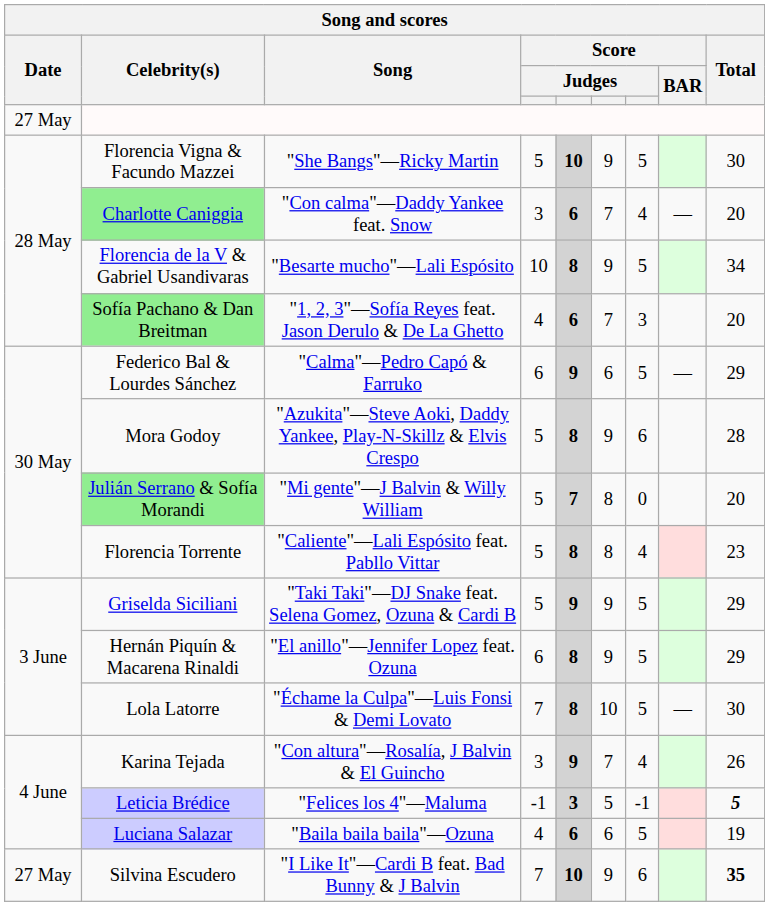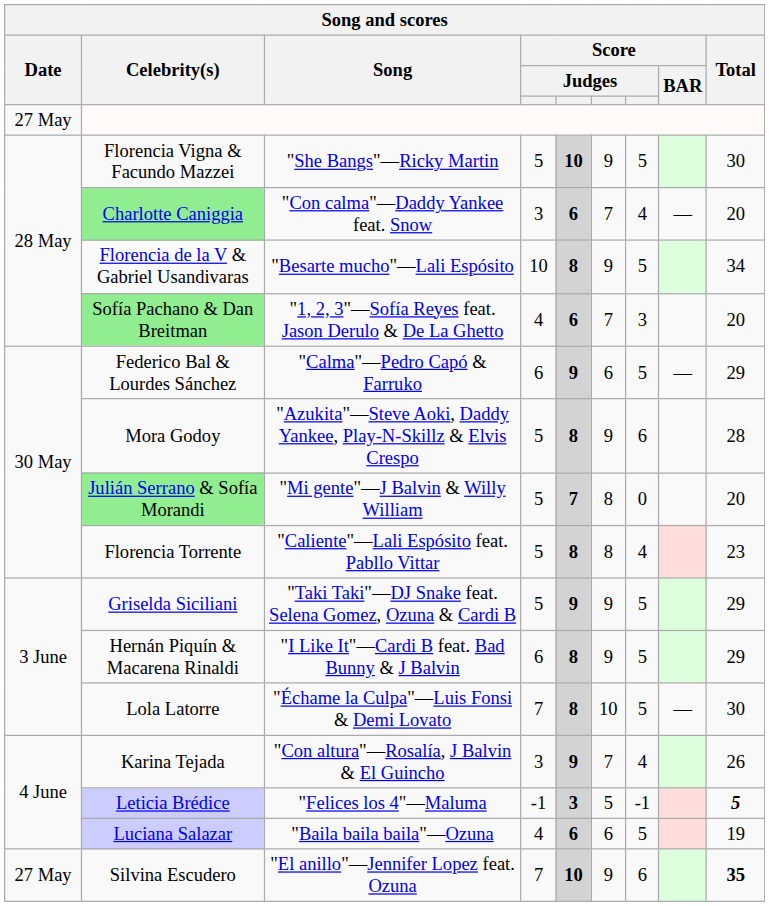 <table class="wikitable collapsible collapsed" style="font-size:95%; text-align: center; width: 100%;">
 <tr>
 <th colspan="11" style="with: 100%;" align=center>Song and scores</th>
 </tr>
 <tr>
 <th rowspan="3" width=90>Date</th>
 <th rowspan="3" width=230>Celebrity(s)</th>
 <th rowspan="3" width=370>Song</th>
 <th colspan="5">Score</th>
 <th rowspan="3" width=50>Total</th>
 </tr>
 <tr>
 <th colspan="4">Judges</th>
 <th rowspan="2" width=30>BAR<br></th>
 </tr>
 <tr>
 <th width=30></th>
 <th width=30></th>
 <th width=30></th>
 <th width=30></th>
 </tr>
 <tr>
 <td rowspan="1">27 May</td>
 <td colspan="10" bgcolor="#FFFAFA"></td>
 </tr>
 <tr>
 <td rowspan="4">28 May</td>
 <td bgcolor="">Florencia Vigna & Facundo Mazzei</td>
 <td>"<a href='#'>She Bangs</a>"—<a href='#'>Ricky Martin</a></td>
 <td>5</td>
 <td bgcolor="lightgrey"><strong>10</strong></td>
 <td>9</td>
 <td>5</td>
 <td bgcolor="#ddffdd"></td>
 <td>30</td>
 </tr>
 <tr>
 <td bgcolor="lightgreen"><a href='#'>Charlotte Caniggia</a></td>
 <td>"<a href='#'>Con calma</a>"—<a href='#'>Daddy Yankee</a> feat. <a href='#'>Snow</a></td>
 <td>3</td>
 <td bgcolor="lightgrey"><strong>6</strong></td>
 <td>7</td>
 <td>4</td>
 <td>—</td>
 <td>20</td>
 </tr>
 <tr>
 <td bgcolor=""><a href='#'>Florencia de la V</a> & Gabriel Usandivaras</td>
 <td>"<a href='#'>Besarte mucho</a>"—<a href='#'>Lali Espósito</a></td>
 <td>10</td>
 <td bgcolor="lightgrey"><strong>8</strong></td>
 <td>9</td>
 <td>5</td>
 <td bgcolor="#ddffdd"></td>
 <td>34</td>
 </tr>
 <tr>
 <td bgcolor="lightgreen">Sofía Pachano & Dan Breitman</td>
 <td>"<a href='#'>1, 2, 3</a>"—<a href='#'>Sofía Reyes</a> feat. <a href='#'>Jason Derulo</a> & <a href='#'>De La Ghetto</a></td>
 <td>4</td>
 <td bgcolor="lightgrey"><strong>6</strong></td>
 <td>7</td>
 <td>3</td>
 <td></td>
 <td>20</td>
 </tr>
 <tr>
 <td rowspan="4">30 May</td>
 <td bgcolor="">Federico Bal & Lourdes Sánchez</td>
 <td>"<a href='#'>Calma</a>"—<a href='#'>Pedro Capó</a> & <a href='#'>Farruko</a></td>
 <td>6</td>
 <td bgcolor="lightgrey"><strong>9</strong></td>
 <td>6</td>
 <td>5</td>
 <td>—</td>
 <td>29</td>
 </tr>
 <tr>
 <td bgcolor="">Mora Godoy</td>
 <td>"<a href='#'>Azukita</a>"—<a href='#'>Steve Aoki</a>, <a href='#'>Daddy Yankee</a>, <a href='#'>Play-N-Skillz</a> & <a href='#'>Elvis Crespo</a></td>
 <td>5</td>
 <td bgcolor="lightgrey"><strong>8</strong></td>
 <td>9</td>
 <td>6</td>
 <td></td>
 <td>28</td>
 </tr>
 <tr>
 <td bgcolor="lightgreen"><a href='#'>Julián Serrano</a> & Sofía Morandi</td>
 <td>"<a href='#'>Mi gente</a>"—<a href='#'>J Balvin</a> & <a href='#'>Willy William</a></td>
 <td>5</td>
 <td bgcolor="lightgrey"><strong>7</strong></td>
 <td>8</td>
 <td>0</td>
 <td></td>
 <td>20</td>
 </tr>
 <tr>
 <td bgcolor="">Florencia Torrente</td>
 <td>"<a href='#'>Caliente</a>"—<a href='#'>Lali Espósito</a> feat. <a href='#'>Pabllo Vittar</a></td>
 <td>5</td>
 <td bgcolor="lightgrey"><strong>8</strong></td>
 <td>8</td>
 <td>4</td>
 <td bgcolor="#ffdddd"></td>
 <td>23</td>
 </tr>
 <tr>
 <td rowspan="3">3 June</td>
 <td bgcolor=""><a href='#'>Griselda Siciliani</a></td>
 <td>"<a href='#'>Taki Taki</a>"—<a href='#'>DJ Snake</a> feat.  <a href='#'>Selena Gomez</a>, <a href='#'>Ozuna</a> & <a href='#'>Cardi B</a></td>
 <td>5</td>
 <td bgcolor="lightgrey"><strong>9</strong></td>
 <td>9</td>
 <td>5</td>
 <td bgcolor="#ddffdd"></td>
 <td>29</td>
 </tr>
 <tr>
 <td bgcolor="">Hernán Piquín & Macarena Rinaldi</td>
-<td>"<a href='#'>El anillo</a>"—<a href='#'>Jennifer Lopez</a> feat. <a href='#'>Ozuna</a></td>
+<td>"<a href='#'>I Like It</a>"—<a href='#'>Cardi B</a> feat. <a href='#'>Bad Bunny</a> & <a href='#'>J Balvin</a></td>
 <td>6</td>
 <td bgcolor="lightgrey"><strong>8</strong></td>
 <td>9</td>
 <td>5</td>
 <td bgcolor="#ddffdd"></td>
 <td>29</td>
 </tr>
 <tr>
 <td bgcolor="">Lola Latorre</td>
 <td>"<a href='#'>Échame la Culpa</a>"—<a href='#'>Luis Fonsi</a> & <a href='#'>Demi Lovato</a></td>
 <td>7</td>
 <td bgcolor="lightgrey"><strong>8</strong></td>
 <td>10</td>
 <td>5</td>
 <td>—</td>
 <td>30</td>
 </tr>
 <tr>
 <td rowspan="3">4 June</td>
 <td bgcolor="">Karina Tejada</td>
 <td>"<a href='#'>Con altura</a>"—<a href='#'>Rosalía</a>, <a href='#'>J Balvin</a> & <a href='#'>El Guincho</a></td>
 <td>3</td>
 <td bgcolor="lightgrey"><strong>9</strong></td>
 <td>7</td>
 <td>4</td>
 <td bgcolor="#ddffdd"></td>
 <td>26</td>
 </tr>
 <tr>
 <td bgcolor="#CCCCFF"><a href='#'>Leticia Brédice</a></td>
 <td>"<a href='#'>Felices los 4</a>"—<a href='#'>Maluma</a></td>
 <td>-1</td>
 <td bgcolor="lightgrey"><strong>3</strong></td>
 <td>5</td>
 <td>-1</td>
 <td bgcolor="#ffdddd"></td>
 <td><span><strong><em>5</em></strong></span></td>
 </tr>
 <tr>
 <td bgcolor="#CCCCFF"><a href='#'>Luciana Salazar</a></td>
 <td>"<a href='#'>Baila baila baila</a>"—<a href='#'>Ozuna</a></td>
 <td>4</td>
 <td bgcolor="lightgrey"><strong>6</strong></td>
 <td>6</td>
 <td>5</td>
 <td bgcolor="#ffdddd"></td>
 <td>19</td>
 </tr>
 <tr>
 <td rowspan="1">27 May</td>
 <td bgcolor="">Silvina Escudero</td>
-<td>"<a href='#'>I Like It</a>"—<a href='#'>Cardi B</a> feat. <a href='#'>Bad Bunny</a> & <a href='#'>J Balvin</a></td>
+<td>"<a href='#'>El anillo</a>"—<a href='#'>Jennifer Lopez</a> feat. <a href='#'>Ozuna</a></td>
 <td>7</td>
 <td bgcolor="lightgrey"><strong>10</strong></td>
 <td>9</td>
 <td>6</td>
 <td bgcolor="#ddffdd"></td>
 <td><span><strong>35</strong></span></td>
 </tr>
 </table>
